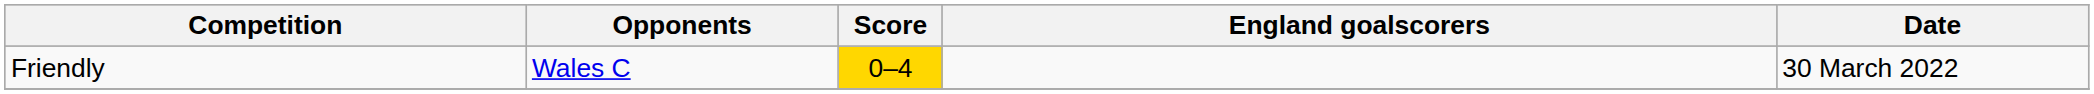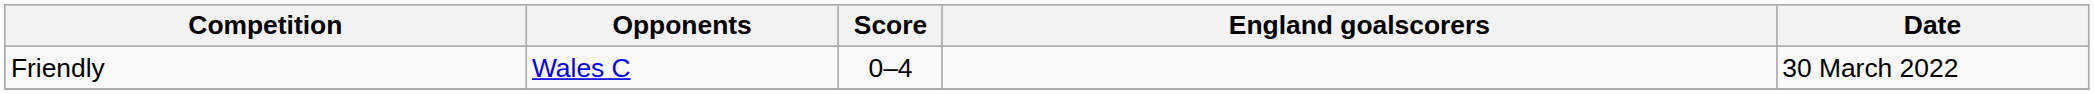 <table class="wikitable" style="width:100%;">
 <tr>
 <th width=25%>Competition</th>
 <th width=15%>Opponents</th>
 <th width=5%>Score</th>
 <th width=40%>England goalscorers</th>
 <th width=15%>Date</th>
 </tr>
 <tr>
 <td>Friendly</td>
 <td><a href='#'>Wales C</a></td>
-<td align=center style="background: gold;">0–4</td>
+<td align=center>0–4</td>
 <td></td>
 <td>30 March 2022</td>
 </tr>
 <tr>
 </tr>
 </table>
